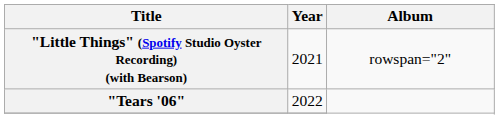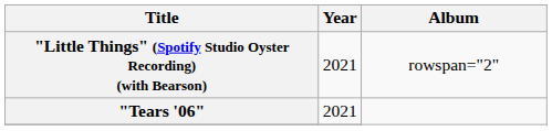 <table class="wikitable plainrowheaders" style="text-align:center; width:40%">
 <tr>
 <th scope="col" style="width:60%;">Title</th>
 <th scope="col" style="width:5%;">Year</th>
 <th scope="col" style="width:35%;">Album</th>
 </tr>
 <tr>
 <th scope="row">"Little Things" <small>(<a href='#'>Spotify</a> Studio Oyster Recording)</small><br><small>(with Bearson)</small></th>
 <td>2021</td>
 <td>rowspan="2" </td>
 </tr>
 <tr>
 <th scope="row">"Tears '06"</th>
-<td>2022</td>
+<td>2021</td>
 </tr>
 <tr>
 </tr>
 </table>
